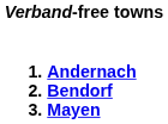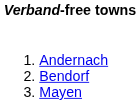 <table>
 <tr ---->
 <th><em>Verband</em>-free towns</th>
 </tr>
 <tr>
-<td><strong><br><ol><li><a href='#'>Andernach</a></li><li><a href='#'>Bendorf</a></li><li><a href='#'>Mayen</a></li></ol></strong></td>
+<td><br><ol><li><a href='#'>Andernach</a></li><li><a href='#'>Bendorf</a></li><li><a href='#'>Mayen</a></li></ol></td>
 </tr>
 </table>
